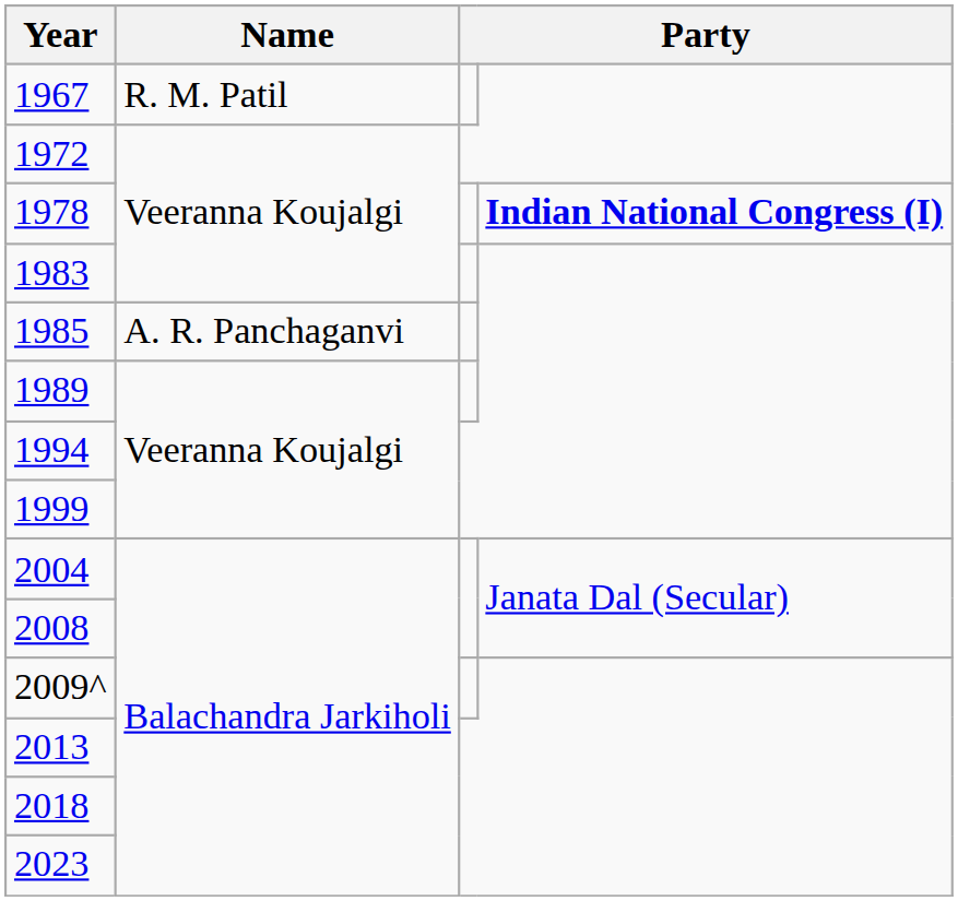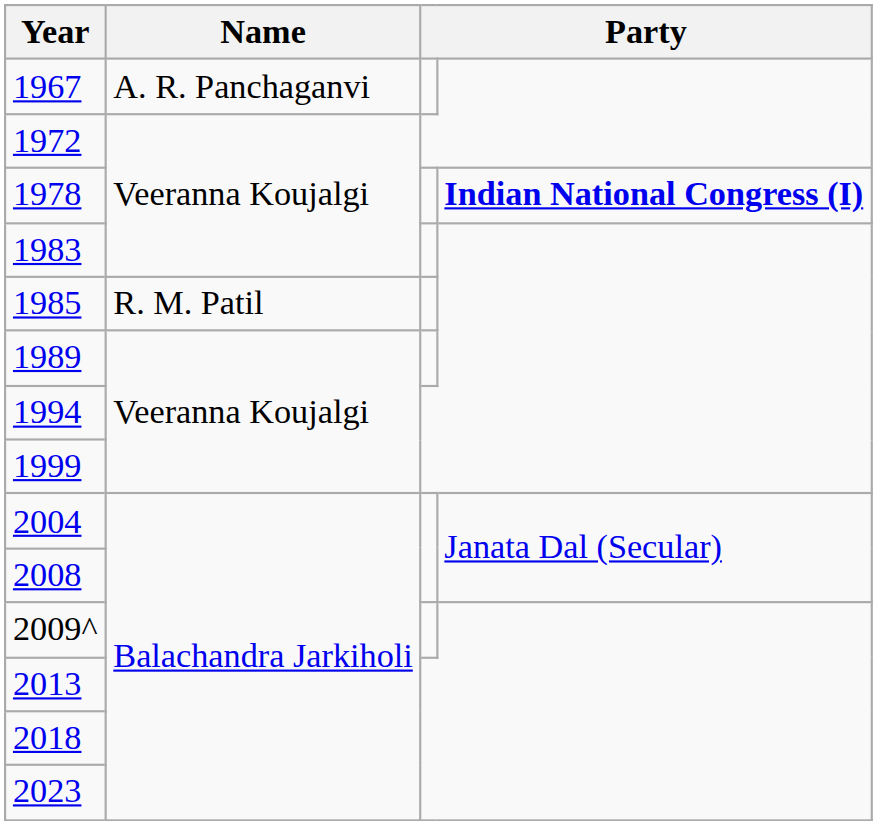 <table class="wikitable">
 <tr>
 <th>Year</th>
 <th>Name</th>
 <th colspan="2">Party</th>
 </tr>
 <tr>
 <td><a href='#'>1967</a></td>
-<td>R. M. Patil</td>
+<td>A. R. Panchaganvi</td>
 <td></td>
 </tr>
 <tr>
 <td><a href='#'>1972</a></td>
 <td rowspan="3">Veeranna Koujalgi</td>
 </tr>
 <tr>
 <td><a href='#'>1978</a></td>
 <td style="background-color:"></td>
 <td><strong><a href='#'>Indian National Congress (I)</a></strong></td>
 </tr>
 <tr>
 <td><a href='#'>1983</a></td>
 <td></td>
 </tr>
 <tr>
 <td><a href='#'>1985</a></td>
-<td>A. R. Panchaganvi</td>
+<td>R. M. Patil</td>
 <td></td>
 </tr>
 <tr>
 <td><a href='#'>1989</a></td>
 <td rowspan="3">Veeranna Koujalgi</td>
 <td></td>
 </tr>
 <tr>
 <td><a href='#'>1994</a></td>
 </tr>
 <tr>
 <td><a href='#'>1999</a></td>
 </tr>
 <tr>
 <td><a href='#'>2004</a></td>
 <td rowspan="6"><a href='#'>Balachandra Jarkiholi</a></td>
 <td rowspan="2" style="background-color:"></td>
 <td rowspan="2"><a href='#'>Janata Dal (Secular)</a></td>
 </tr>
 <tr>
 <td><a href='#'>2008</a></td>
 </tr>
 <tr>
 <td>2009^</td>
 <td></td>
 </tr>
 <tr>
 <td><a href='#'>2013</a></td>
 </tr>
 <tr>
 <td><a href='#'>2018</a></td>
 </tr>
 <tr>
 <td><a href='#'>2023</a></td>
 </tr>
 </table>
